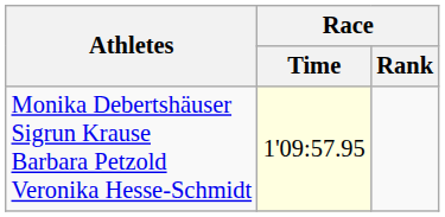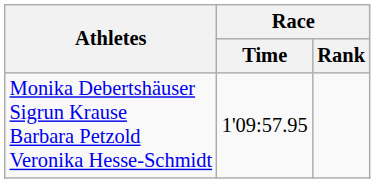 <table class="wikitable" border="1" style="font-size:90%">
 <tr>
 <th rowspan=2>Athletes</th>
 <th colspan=2>Race</th>
 </tr>
 <tr>
 <th>Time</th>
 <th>Rank</th>
 </tr>
 <tr>
 <td><a href='#'>Monika Debertshäuser</a><br><a href='#'>Sigrun Krause</a><br><a href='#'>Barbara Petzold</a><br><a href='#'>Veronika Hesse-Schmidt</a></td>
-<td align=center style="background: lightyellow;">1'09:57.95</td>
+<td align=center>1'09:57.95</td>
 <td align=center></td>
 </tr>
 </table>
